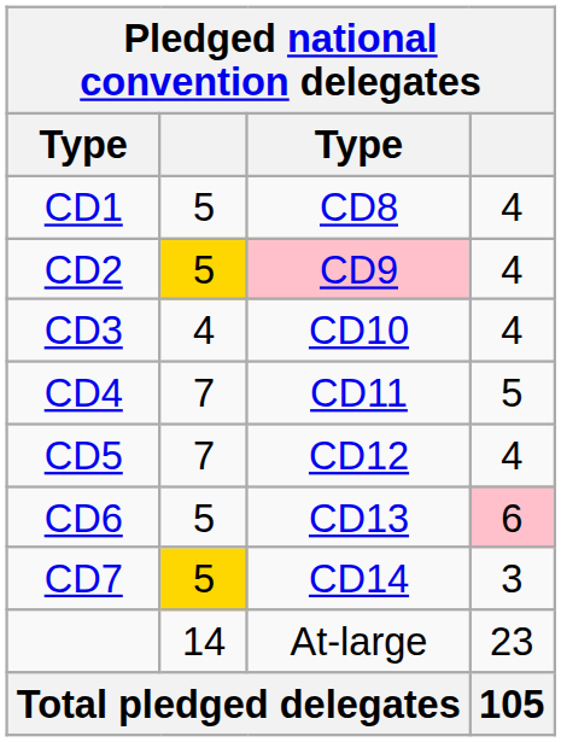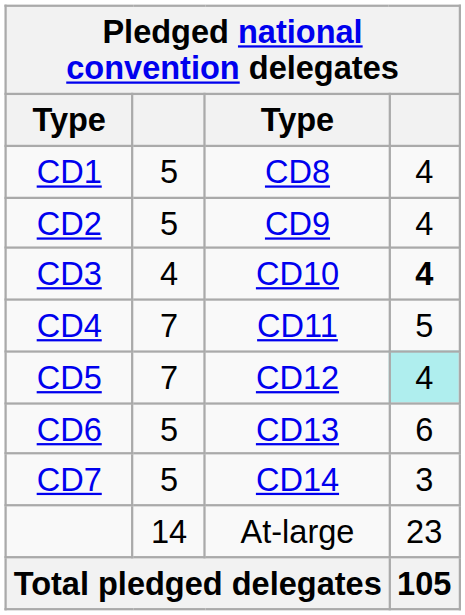 <table class="wikitable sortable" style="font-size:90%;text-align:center;float:right;padding:5px;">
 <tr>
 <th colspan="4">Pledged <a href='#'>national<br>convention</a> delegates</th>
 </tr>
 <tr>
 <th>Type</th>
 <th></th>
 <th>Type</th>
 <th></th>
 </tr>
 <tr>
 <td><a href='#'>CD1</a></td>
 <td>5</td>
 <td><a href='#'>CD8</a></td>
 <td>4</td>
 </tr>
 <tr>
 <td><a href='#'>CD2</a></td>
-<td style="background: gold;">5</td>
-<td style="background: pink;"><a href='#'>CD9</a></td>
+<td>5</td>
+<td><a href='#'>CD9</a></td>
 <td>4</td>
 </tr>
 <tr>
 <td><a href='#'>CD3</a></td>
 <td>4</td>
 <td><a href='#'>CD10</a></td>
-<td>4</td>
+<td><strong>4</strong></td>
 </tr>
 <tr>
 <td><a href='#'>CD4</a></td>
 <td>7</td>
 <td><a href='#'>CD11</a></td>
 <td>5</td>
 </tr>
 <tr>
 <td><a href='#'>CD5</a></td>
 <td>7</td>
 <td><a href='#'>CD12</a></td>
-<td>4</td>
+<td style="background: paleturquoise;">4</td>
 </tr>
 <tr>
 <td><a href='#'>CD6</a></td>
 <td>5</td>
 <td><a href='#'>CD13</a></td>
-<td style="background: pink;">6</td>
+<td>6</td>
 </tr>
 <tr>
 <td><a href='#'>CD7</a></td>
-<td style="background: gold;">5</td>
+<td>5</td>
 <td><a href='#'>CD14</a></td>
 <td>3</td>
 </tr>
 <tr>
 <td></td>
 <td>14</td>
 <td>At-large</td>
 <td>23</td>
 </tr>
 <tr>
 <th colspan="3">Total pledged delegates</th>
 <th>105</th>
 </tr>
 </table>
